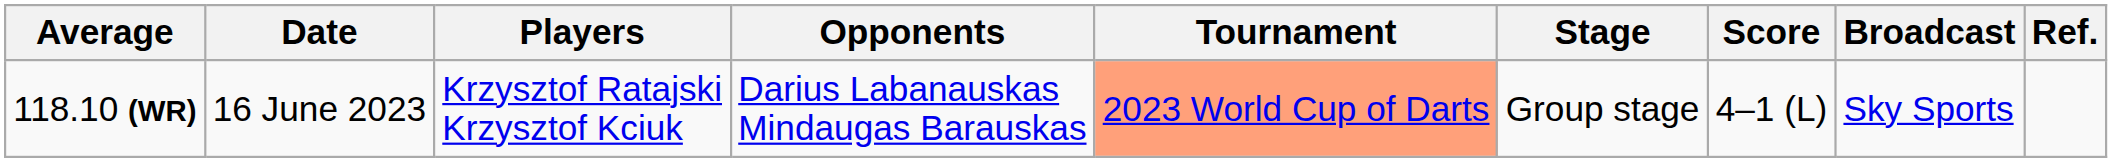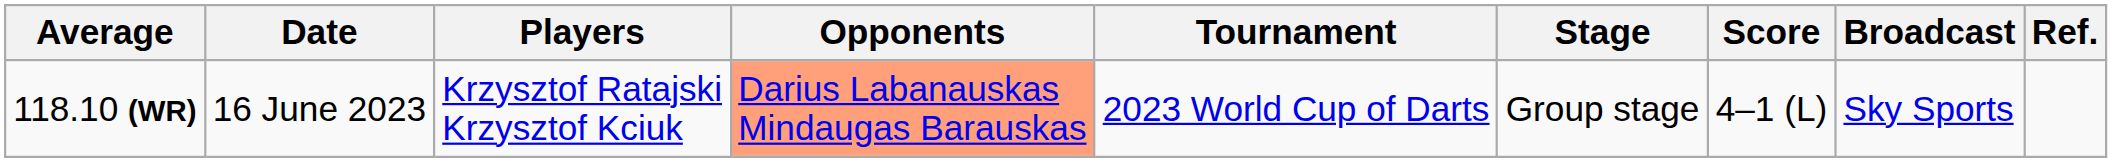 <table class="wikitable">
 <tr>
 <th>Average</th>
 <th>Date</th>
 <th>Players</th>
 <th>Opponents</th>
 <th>Tournament</th>
 <th>Stage</th>
 <th>Score</th>
 <th>Broadcast</th>
 <th>Ref.</th>
 </tr>
 <tr>
 <td>118.10 <strong><small>(WR)</small></strong></td>
 <td>16 June 2023</td>
 <td> <a href='#'>Krzysztof Ratajski</a><br> <a href='#'>Krzysztof Kciuk</a></td>
-<td> <a href='#'>Darius Labanauskas</a><br> <a href='#'>Mindaugas Barauskas</a></td>
-<td style="background: lightsalmon;"><a href='#'>2023 World Cup of Darts</a></td>
+<td style="background: lightsalmon;"> <a href='#'>Darius Labanauskas</a><br> <a href='#'>Mindaugas Barauskas</a></td>
+<td><a href='#'>2023 World Cup of Darts</a></td>
 <td>Group stage</td>
 <td>4–1 (L)</td>
 <td><a href='#'>Sky Sports</a></td>
 </tr>
 </table>
